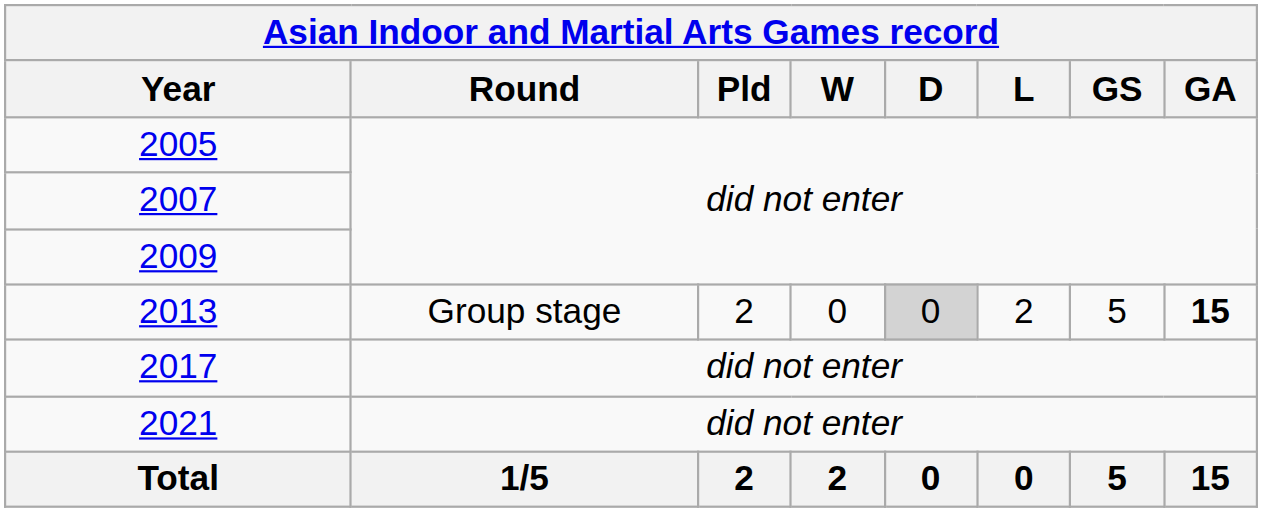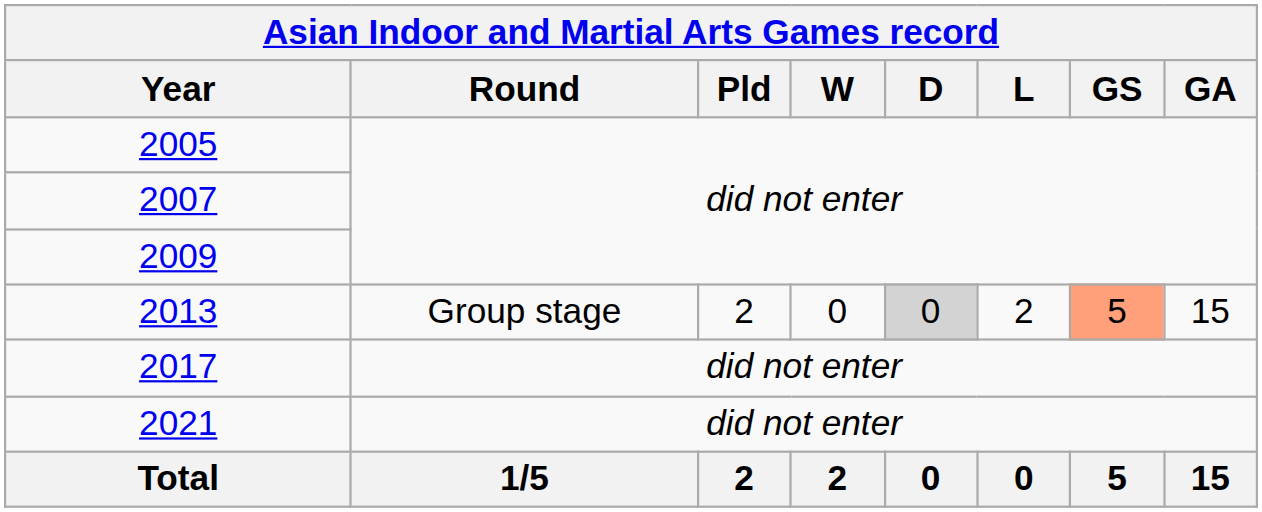 <table class="wikitable" style="text-align: center;font-size:100%;">
 <tr>
 <th colspan=8><a href='#'>Asian Indoor and Martial Arts Games record</a></th>
 </tr>
 <tr>
 <th width=150>Year</th>
 <th width=150>Round</th>
 <th width=35>Pld</th>
 <th width=35>W</th>
 <th width=35>D</th>
 <th width=35>L</th>
 <th width=35>GS</th>
 <th width=35>GA</th>
 </tr>
 <tr>
 <td> <a href='#'>2005</a></td>
 <td colspan=9 rowspan=3><em>did not enter</em></td>
 </tr>
 <tr>
 <td> <a href='#'>2007</a></td>
 </tr>
 <tr>
 <td> <a href='#'>2009</a></td>
 </tr>
 <tr>
 <td> <a href='#'>2013</a></td>
 <td>Group stage</td>
 <td>2</td>
 <td>0</td>
 <td style="background: lightgrey;">0</td>
 <td>2</td>
-<td>5</td>
-<td><strong>15</strong></td>
+<td style="background: lightsalmon;">5</td>
+<td>15</td>
 </tr>
 <tr>
 <td> <a href='#'>2017</a></td>
 <td colspan=9><em>did not enter</em></td>
 </tr>
 <tr>
 <td> <a href='#'>2021</a></td>
 <td colspan=9><em>did not enter</em></td>
 </tr>
 <tr>
 <th><strong>Total</strong></th>
 <th>1/5</th>
 <th>2</th>
 <th>2</th>
 <th>0</th>
 <th>0</th>
 <th>5</th>
 <th>15</th>
 </tr>
 </table>
